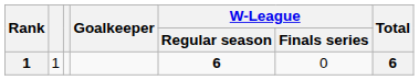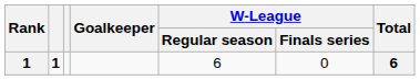 <table class="wikitable" style="text-align:center">
 <tr>
 <th rowspan="2">Rank</th>
 <th rowspan="2"></th>
 <th rowspan="2"></th>
 <th rowspan="2">Goalkeeper</th>
 <th colspan="2"><a href='#'>W-League</a></th>
 <th rowspan="2">Total</th>
 </tr>
 <tr>
 <th>Regular season</th>
 <th>Finals series</th>
 </tr>
 <tr>
 <th>1</th>
-<td>1</td>
+<td><strong>1</strong></td>
 <td></td>
 <td align="left"></td>
-<td><strong>6</strong></td>
+<td>6</td>
 <td>0</td>
 <th>6</th>
 </tr>
 </table>
